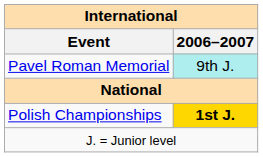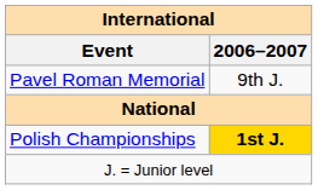 <table class="wikitable" style="text-align:center">
 <tr>
 <th style="background-color: #ffdead; " colspan=2 align=center><strong>International</strong></th>
 </tr>
 <tr>
 <th>Event</th>
 <th>2006–2007</th>
 </tr>
 <tr>
 <td align=left><a href='#'>Pavel Roman Memorial</a></td>
-<td style="background: paleturquoise;">9th J.</td>
+<td>9th J.</td>
 </tr>
 <tr>
 <th style="background-color: #ffdead; " colspan=2 align=center><strong>National</strong></th>
 </tr>
 <tr>
 <td align=left><a href='#'>Polish Championships</a></td>
 <td bgcolor=gold><strong>1st J.</strong></td>
 </tr>
 <tr>
 <td colspan=3 align=center><small> J. = Junior level </small></td>
 </tr>
 </table>
